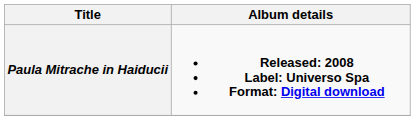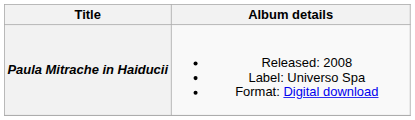 <table class="wikitable plainrowheaders" style="text-align:center;">
 <tr>
 <th scope="col">Title</th>
 <th scope="col" style="width:18em;">Album details</th>
 </tr>
 <tr>
 <th scope="row"><em>Paula Mitrache in Haiducii</em></th>
-<td><strong><br><ul><li>Released: 2008</li><li>Label: Universo Spa</li><li>Format: <a href='#'>Digital download</a></li></ul></strong></td>
+<td><br><ul><li>Released: 2008</li><li>Label: Universo Spa</li><li>Format: <a href='#'>Digital download</a></li></ul></td>
 </tr>
 <tr>
 </tr>
 </table>
